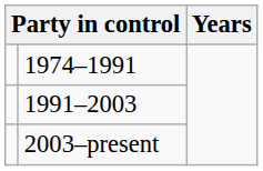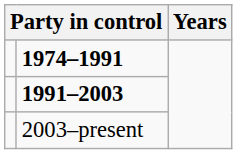 <table class="wikitable">
 <tr>
 <th colspan="2">Party in control</th>
 <th>Years</th>
 </tr>
 <tr>
 <td></td>
-<td>1974–1991</td>
+<td><strong>1974–1991</strong></td>
 </tr>
 <tr>
 <td></td>
-<td>1991–2003</td>
+<td><strong>1991–2003</strong></td>
 </tr>
 <tr>
 <td></td>
 <td>2003–present</td>
 </tr>
 </table>
